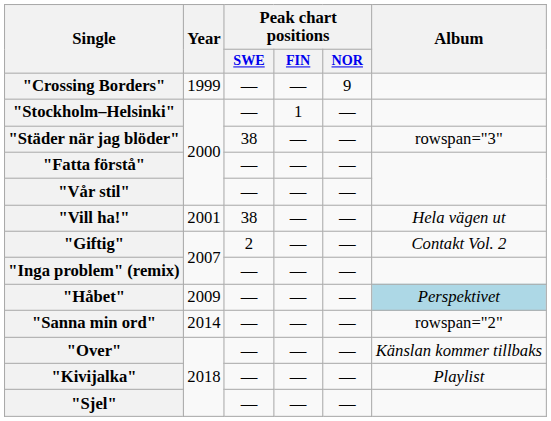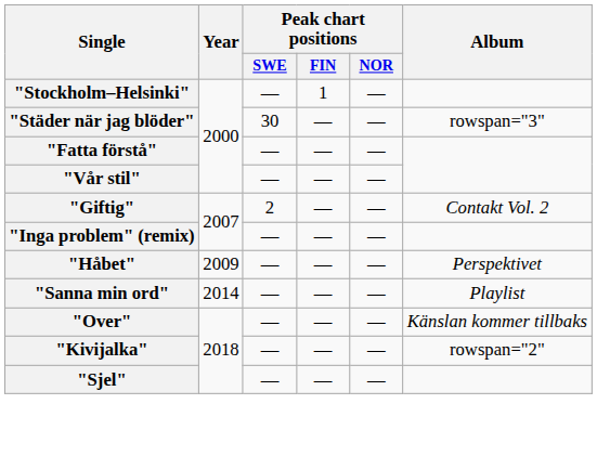 <table class="wikitable plainrowheaders" style="text-align:center">
 <tr>
 <th scope="col" rowspan="2">Single</th>
 <th scope="col" rowspan="2">Year</th>
 <th scope="col" colspan="3">Peak chart positions</th>
 <th scope="col" rowspan="2">Album</th>
 </tr>
 <tr>
 <th scope="col" style="width:3em;font-size:85%;"><a href='#'>SWE</a><br></th>
 <th scope="col" style="width:3em;font-size:85%;"><a href='#'>FIN</a><br></th>
 <th scope="col" style="width:3em;font-size:85%;"><a href='#'>NOR</a><br></th>
 </tr>
 <tr>
-<th scope="row">"Crossing Borders"<br></th>
-<td>1999</td>
-<td>—</td>
-<td>—</td>
-<td>9</td>
-<td><em></em></td>
-</tr>
-<tr>
 <th scope="row">"Stockholm–Helsinki"<br></th>
 <td rowspan="4">2000</td>
 <td>—</td>
 <td>1</td>
 <td>—</td>
 <td><em></em></td>
 </tr>
 <tr>
 <th scope="row">"Städer när jag blöder"<br></th>
-<td>38</td>
+<td>30</td>
 <td>—</td>
 <td>—</td>
 <td>rowspan="3"</td>
 </tr>
 <tr>
 <th scope="row">"Fatta förstå"<br></th>
 <td>—</td>
 <td>—</td>
 <td>—</td>
 </tr>
 <tr>
 <th scope="row">"Vår stil"<br></th>
 <td>—</td>
 <td>—</td>
 <td>—</td>
-</tr>
-<tr>
-<th scope="row">"Vill ha!"<br></th>
-<td>2001</td>
-<td>38</td>
-<td>—</td>
-<td>—</td>
-<td><em>Hela vägen ut</em></td>
 </tr>
 <tr>
 <th scope="row">"Giftig"<br></th>
 <td rowspan="2">2007</td>
 <td>2</td>
 <td>—</td>
 <td>—</td>
 <td><em>Contakt Vol. 2</em></td>
 </tr>
 <tr>
 <th scope="row">"Inga problem" (remix)<br></th>
 <td>—</td>
 <td>—</td>
 <td>—</td>
 <td></td>
 </tr>
 <tr>
 <th scope="row">"Håbet"<br></th>
 <td>2009</td>
 <td>—</td>
 <td>—</td>
 <td>—</td>
-<td style="background: lightblue;"><em>Perspektivet</em></td>
+<td><em>Perspektivet</em></td>
 </tr>
 <tr>
 <th scope="row">"Sanna min ord"<br></th>
 <td>2014</td>
 <td>—</td>
 <td>—</td>
 <td>—</td>
-<td>rowspan="2"</td>
+<td><em>Playlist</em></td>
 </tr>
 <tr>
 <th scope="row">"Over"<br></th>
 <td rowspan="3">2018</td>
 <td>—</td>
 <td>—</td>
 <td>—</td>
 <td><em>Känslan kommer tillbaks</em></td>
 </tr>
 <tr>
 <th scope="row">"Kivijalka"<br></th>
 <td>—</td>
 <td>—</td>
 <td>—</td>
-<td><em>Playlist</em></td>
+<td>rowspan="2"</td>
 </tr>
 <tr>
 <th scope="row">"Sjel"<br></th>
 <td>—</td>
 <td>—</td>
 <td>—</td>
 </tr>
 </table>
